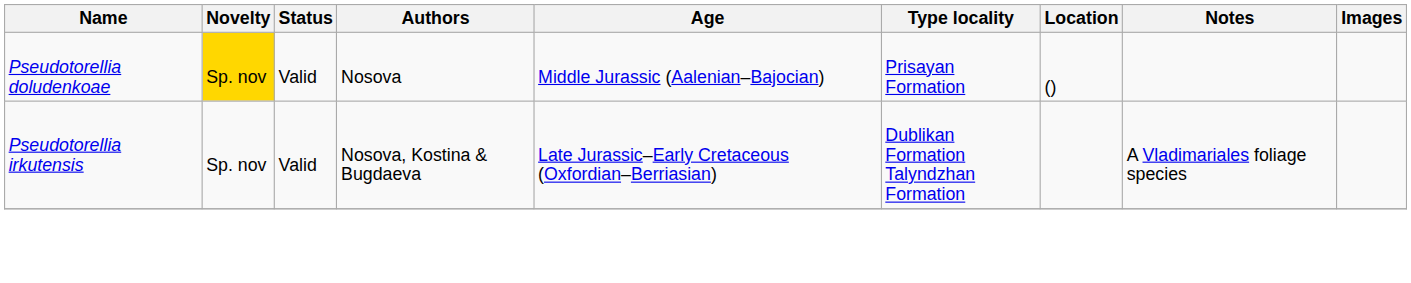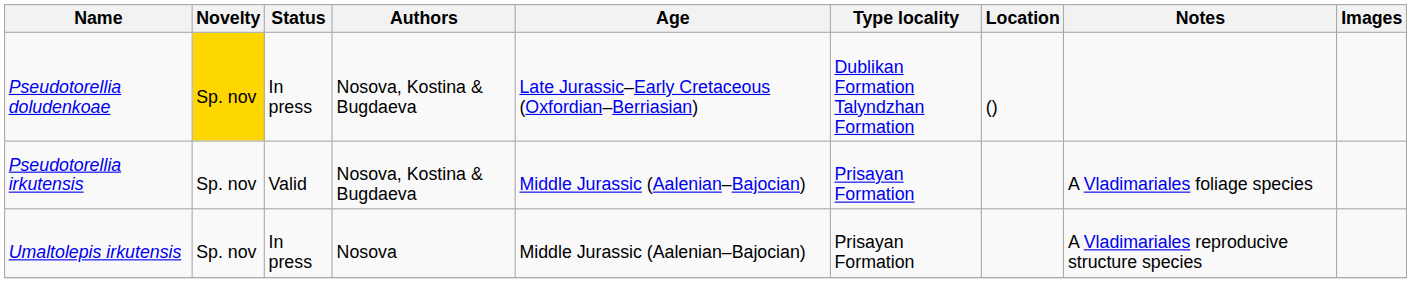 <table class="wikitable sortable" align="center" width="100%">
 <tr>
 <th>Name</th>
 <th>Novelty</th>
 <th>Status</th>
 <th>Authors</th>
 <th>Age</th>
 <th>Type locality</th>
 <th>Location</th>
 <th>Notes</th>
 <th>Images</th>
 </tr>
 <tr>
 <td><br><em><a href='#'>Pseudotorellia doludenkoae</a></em></td>
 <td style="background: gold;"><br>Sp. nov</td>
-<td><br>Valid</td>
-<td><br>Nosova</td>
-<td><br><a href='#'>Middle Jurassic</a> (<a href='#'>Aalenian</a>–<a href='#'>Bajocian</a>)</td>
-<td><br><a href='#'>Prisayan Formation</a></td>
+<td><br>In press</td>
+<td><br>Nosova, Kostina & Bugdaeva</td>
+<td><br><a href='#'>Late Jurassic</a>–<a href='#'>Early Cretaceous</a> (<a href='#'>Oxfordian</a>–<a href='#'>Berriasian</a>)</td>
+<td><br><a href='#'>Dublikan Formation</a><br> <a href='#'>Talyndzhan Formation</a></td>
 <td><br><br>()</td>
 <td></td>
 <td></td>
 </tr>
 <tr>
 <td><em><a href='#'>Pseudotorellia irkutensis</a></em></td>
 <td><br>Sp. nov</td>
 <td><br>Valid</td>
 <td><br>Nosova, Kostina & Bugdaeva</td>
-<td><br><a href='#'>Late Jurassic</a>–<a href='#'>Early Cretaceous</a> (<a href='#'>Oxfordian</a>–<a href='#'>Berriasian</a>)</td>
-<td><br><a href='#'>Dublikan Formation</a><br> <a href='#'>Talyndzhan Formation</a></td>
+<td><br><a href='#'>Middle Jurassic</a> (<a href='#'>Aalenian</a>–<a href='#'>Bajocian</a>)</td>
+<td><br><a href='#'>Prisayan Formation</a></td>
 <td><br></td>
 <td><br>A <a href='#'>Vladimariales</a> foliage species</td>
 <td></td>
 </tr>
 <tr>
+<td><br><em><a href='#'>Umaltolepis irkutensis</a></em></td>
+<td><br>Sp. nov</td>
+<td><br>In press</td>
+<td><br>Nosova</td>
+<td><br>Middle Jurassic (Aalenian–Bajocian)</td>
+<td><br>Prisayan Formation</td>
+<td><br></td>
+<td><br>A <a href='#'>Vladimariales</a> reproducive structure species</td>
+<td></td>
+</tr>
+<tr>
 </tr>
 </table>
